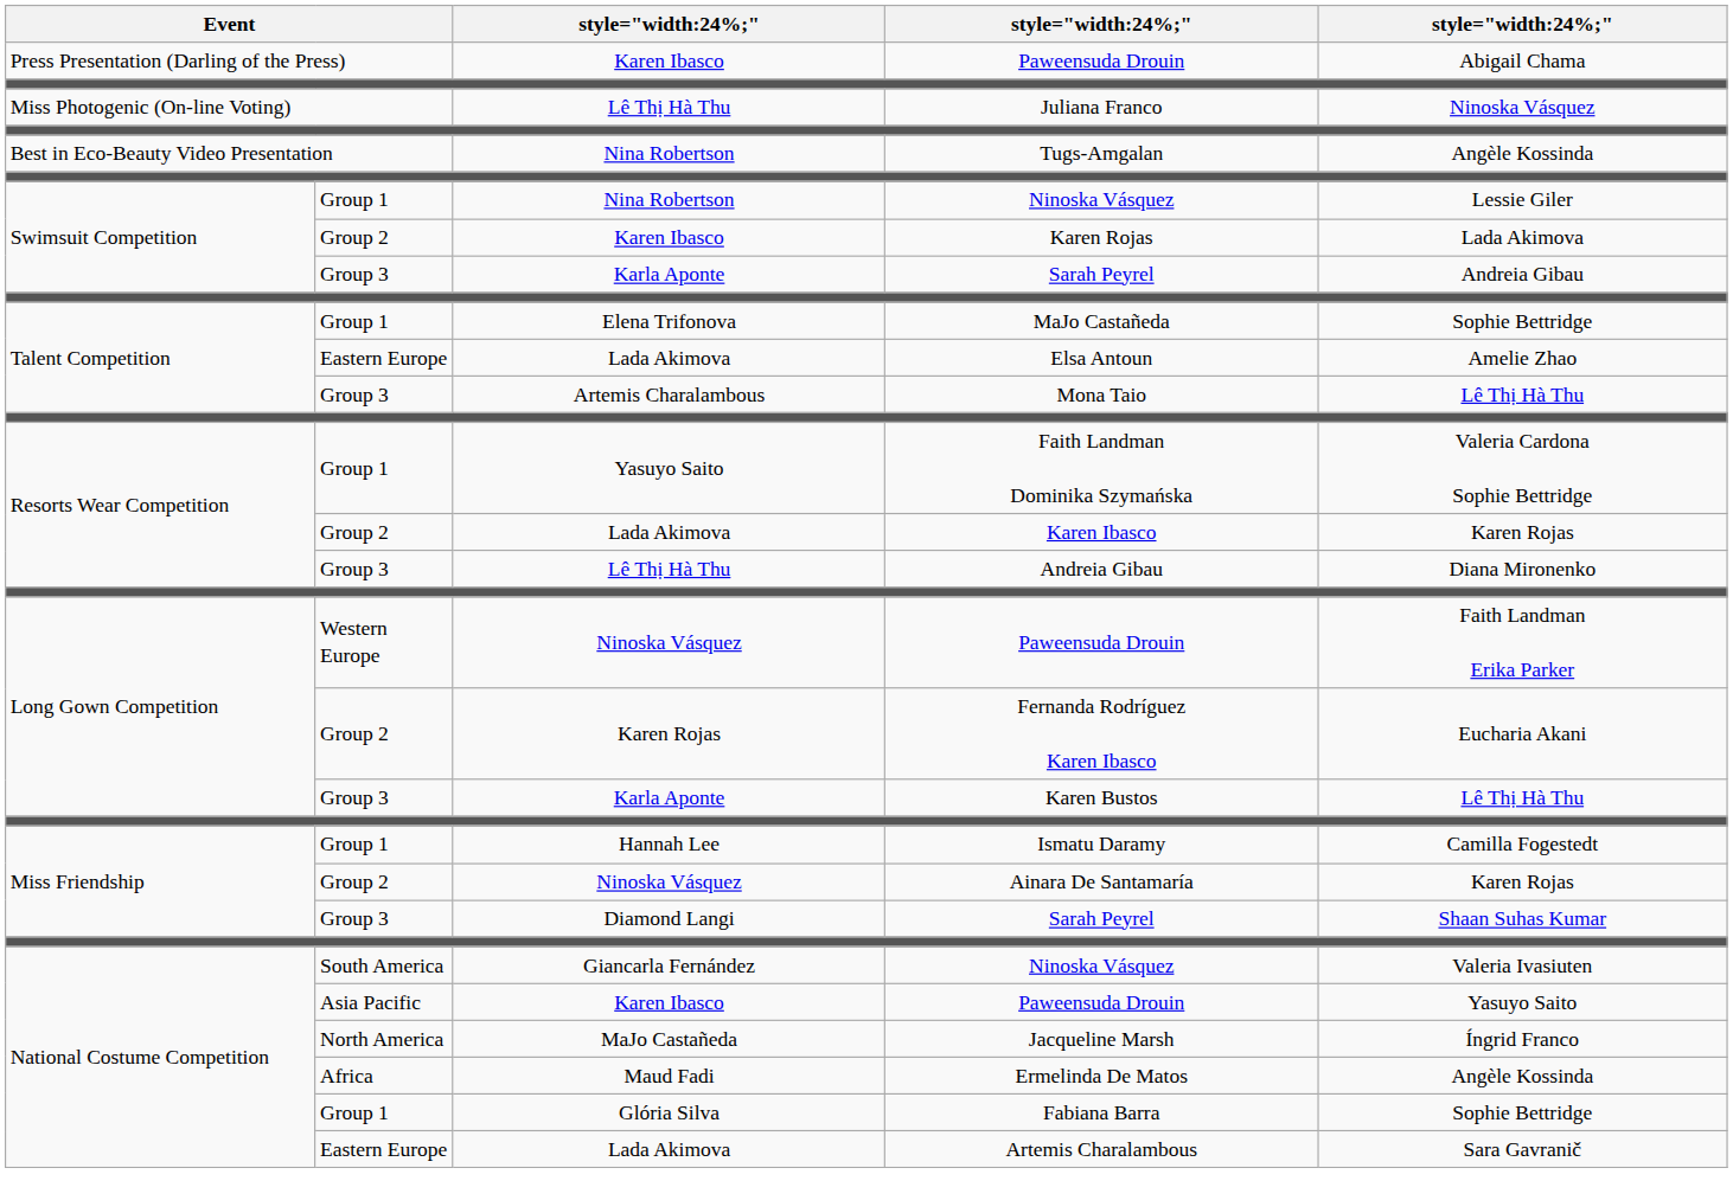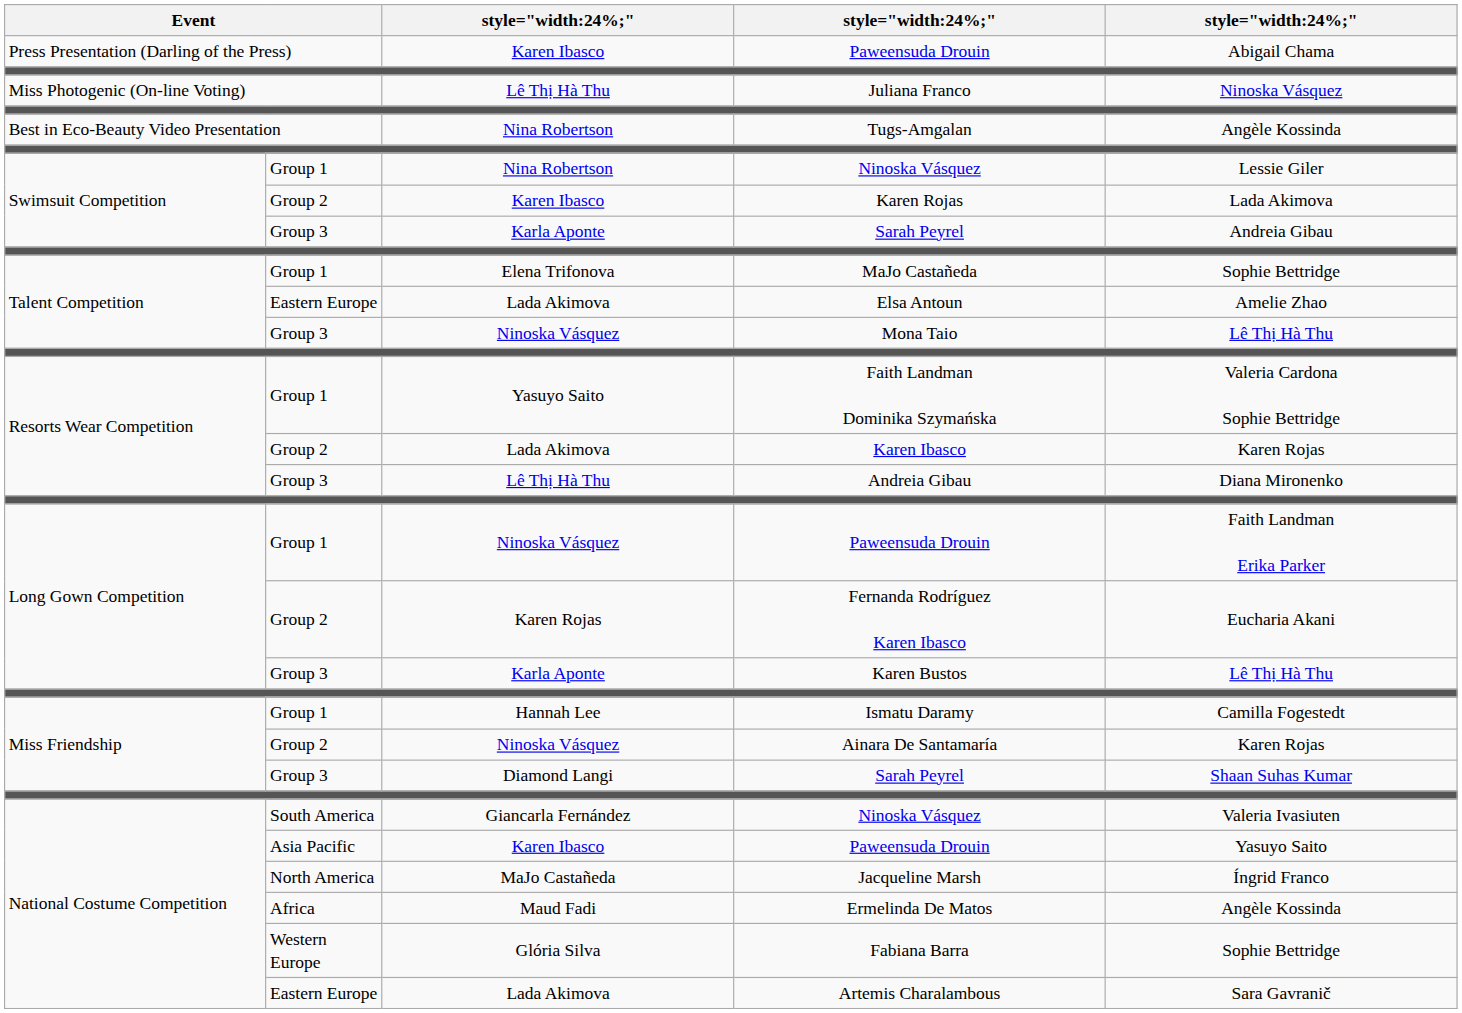 <table class="wikitable" style="line-height:20px; width:100%; font-size: 95%">
 <tr>
 <th colspan=2 style="width:26%;">Event</th>
 <th>style="width:24%;" </th>
 <th>style="width:24%;" </th>
 <th>style="width:24%;" </th>
 </tr>
 <tr>
 <td colspan=2>Press Presentation (Darling of the Press)</td>
 <td align="center"><a href='#'>Karen Ibasco</a><br></td>
 <td align="center"><a href='#'>Paweensuda Drouin</a><br></td>
 <td align="center">Abigail Chama<br></td>
 </tr>
 <tr bgcolor=#555>
 <td colspan=5></td>
 </tr>
 <tr>
 <td colspan=2>Miss Photogenic (On-line Voting)</td>
 <td align="center"><a href='#'>Lê Thị Hà Thu</a><br></td>
 <td align="center">Juliana Franco<br></td>
 <td align="center"><a href='#'>Ninoska Vásquez</a><br></td>
 </tr>
 <tr bgcolor=#555>
 <td colspan=5></td>
 </tr>
 <tr>
 <td colspan=2>Best in Eco-Beauty Video Presentation</td>
 <td align="center"><a href='#'>Nina Robertson</a><br></td>
 <td align="center">Tugs-Amgalan <br></td>
 <td align="center">Angèle Kossinda <br></td>
 </tr>
 <tr bgcolor=#555>
 <td colspan=5></td>
 </tr>
 <tr>
 <td scope="row" rowspan=4 style="width:18%;">Swimsuit Competition</td>
 </tr>
 <tr>
 <td>Group 1</td>
 <td align="center"><a href='#'>Nina Robertson</a><br></td>
 <td align="center"><a href='#'>Ninoska Vásquez</a><br></td>
 <td align="center">Lessie Giler <br></td>
 </tr>
 <tr>
 <td>Group 2</td>
 <td align="center"><a href='#'>Karen Ibasco</a><br></td>
 <td align="center">Karen Rojas<br></td>
 <td align="center">Lada Akimova<br></td>
 </tr>
 <tr>
 <td>Group 3</td>
 <td align="center"><a href='#'>Karla Aponte</a><br></td>
 <td align="center"><a href='#'>Sarah Peyrel</a> <br></td>
 <td align="center">Andreia Gibau<br></td>
 </tr>
 <tr bgcolor=#555>
 <td colspan=5></td>
 </tr>
 <tr>
 <td scope="row" rowspan=4 style="width:18%;">Talent Competition</td>
 </tr>
 <tr>
 <td>Group 1</td>
 <td align="center">Elena Trifonova <br></td>
 <td align="center">MaJo Castañeda<br></td>
 <td align="center">Sophie Bettridge<br></td>
 </tr>
 <tr>
 <td>Eastern Europe</td>
 <td align="center">Lada Akimova<br></td>
 <td align="center">Elsa Antoun<br></td>
 <td align="center">Amelie Zhao<br></td>
 </tr>
 <tr>
 <td>Group 3</td>
-<td align="center">Artemis Charalambous<br></td>
+<td align="center"><a href='#'>Ninoska Vásquez</a><br></td>
 <td align="center">Mona Taio<br></td>
 <td align="center"><a href='#'>Lê Thị Hà Thu</a><br></td>
 </tr>
 <tr bgcolor=#555>
 <td colspan=5></td>
 </tr>
 <tr>
 <td scope="row" rowspan=4 style="width:18%;">Resorts Wear Competition</td>
 </tr>
 <tr>
 <td>Group 1</td>
 <td align="center">Yasuyo Saito<br></td>
 <td align="center">Faith Landman<br><br>Dominika Szymańska<br></td>
 <td align="center">Valeria Cardona<br><br>Sophie Bettridge<br></td>
 </tr>
 <tr>
 <td>Group 2</td>
 <td align="center">Lada Akimova<br></td>
 <td align="center"><a href='#'>Karen Ibasco</a><br></td>
 <td align="center">Karen Rojas<br></td>
 </tr>
 <tr>
 <td>Group 3</td>
 <td align="center"><a href='#'>Lê Thị Hà Thu</a><br></td>
 <td align="center">Andreia Gibau<br></td>
 <td align="center">Diana Mironenko<br></td>
 </tr>
 <tr bgcolor=#555>
 <td colspan=5></td>
 </tr>
 <tr>
 <td scope="row" rowspan=4 style="width:18%;">Long Gown Competition</td>
 </tr>
 <tr>
-<td>Western Europe</td>
+<td>Group 1</td>
 <td align="center"><a href='#'>Ninoska Vásquez</a><br></td>
 <td align="center"><a href='#'>Paweensuda Drouin</a><br></td>
 <td align="center">Faith Landman<br><br><a href='#'>Erika Parker</a><br></td>
 </tr>
 <tr>
 <td>Group 2</td>
 <td align="center">Karen Rojas<br></td>
 <td align="center">Fernanda Rodríguez<br><br><a href='#'>Karen Ibasco</a><br></td>
 <td align="center">Eucharia Akani<br></td>
 </tr>
 <tr>
 <td>Group 3</td>
 <td align="center"><a href='#'>Karla Aponte</a><br></td>
 <td align="center">Karen Bustos<br></td>
 <td align="center"><a href='#'>Lê Thị Hà Thu</a><br></td>
 </tr>
 <tr bgcolor=#555>
 <td colspan=5></td>
 </tr>
 <tr>
 <td scope="row" rowspan=4 style="width:18%;">Miss Friendship</td>
 </tr>
 <tr>
 <td>Group 1</td>
 <td align="center">Hannah Lee<br></td>
 <td align="center">Ismatu Daramy<br></td>
 <td align="center">Camilla Fogestedt<br></td>
 </tr>
 <tr>
 <td>Group 2</td>
 <td align="center"><a href='#'>Ninoska Vásquez</a><br></td>
 <td align="center">Ainara De Santamaría<br></td>
 <td align="center">Karen Rojas<br></td>
 </tr>
 <tr>
 <td>Group 3</td>
 <td align="center">Diamond Langi<br></td>
 <td align="center"><a href='#'>Sarah Peyrel</a><br></td>
 <td align="center"><a href='#'>Shaan Suhas Kumar</a><br></td>
 </tr>
 <tr bgcolor=#555>
 <td colspan=5></td>
 </tr>
 <tr>
 <td scope="row" rowspan=7 style="width:18%;">National Costume Competition</td>
 </tr>
 <tr>
 <td>South America</td>
 <td align="center">Giancarla Fernández<br></td>
 <td align="center"><a href='#'>Ninoska Vásquez</a><br></td>
 <td align="center">Valeria Ivasiuten<br></td>
 </tr>
 <tr>
 <td>Asia Pacific</td>
 <td align="center"><a href='#'>Karen Ibasco</a><br></td>
 <td align="center"><a href='#'>Paweensuda Drouin</a><br></td>
 <td align="center">Yasuyo Saito<br></td>
 </tr>
 <tr>
 <td>North America</td>
 <td align="center">MaJo Castañeda<br></td>
 <td align="center">Jacqueline Marsh<br></td>
 <td align="center">Íngrid Franco<br></td>
 </tr>
 <tr>
 <td>Africa</td>
 <td align="center">Maud Fadi<br></td>
 <td align="center">Ermelinda De Matos<br></td>
 <td align="center">Angèle Kossinda<br></td>
 </tr>
 <tr>
-<td>Group 1</td>
+<td>Western Europe</td>
 <td align="center">Glória Silva<br></td>
 <td align="center">Fabiana Barra<br></td>
 <td align="center">Sophie Bettridge<br></td>
 </tr>
 <tr>
 <td>Eastern Europe</td>
 <td align="center">Lada Akimova<br></td>
 <td align="center">Artemis Charalambous<br></td>
 <td align="center">Sara Gavranič<br></td>
 </tr>
 </table>
